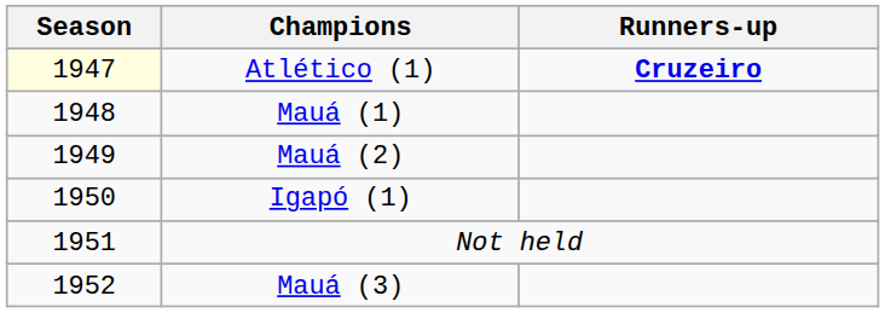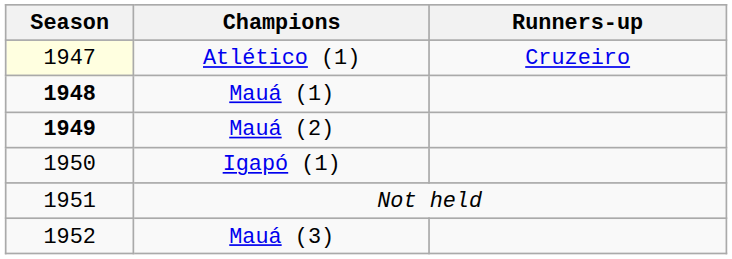 <table class="wikitable" style="text-align:center; margin-left:1em;">
 <tr>
 <th style="width:70px">Season</th>
 <th style="width:170px">Champions</th>
 <th style="width:170px">Runners-up</th>
 </tr>
 <tr>
 <td style="background: lightyellow;">1947</td>
 <td><a href='#'>Atlético</a> (1)</td>
-<td><strong><a href='#'>Cruzeiro</a></strong></td>
+<td><a href='#'>Cruzeiro</a></td>
 </tr>
 <tr>
-<td>1948</td>
+<td><strong>1948</strong></td>
 <td><a href='#'>Mauá</a> (1)</td>
 <td></td>
 </tr>
 <tr>
-<td>1949</td>
+<td><strong>1949</strong></td>
 <td><a href='#'>Mauá</a> (2)</td>
 <td></td>
 </tr>
 <tr>
 <td>1950</td>
 <td><a href='#'>Igapó</a> (1)</td>
 <td></td>
 </tr>
 <tr>
 <td>1951</td>
 <td colspan=2><em>Not held</em></td>
 </tr>
 <tr>
 <td>1952</td>
 <td><a href='#'>Mauá</a> (3)</td>
 <td></td>
 </tr>
 </table>
